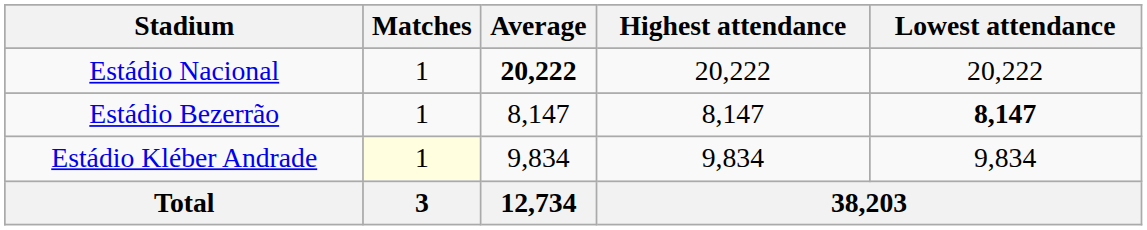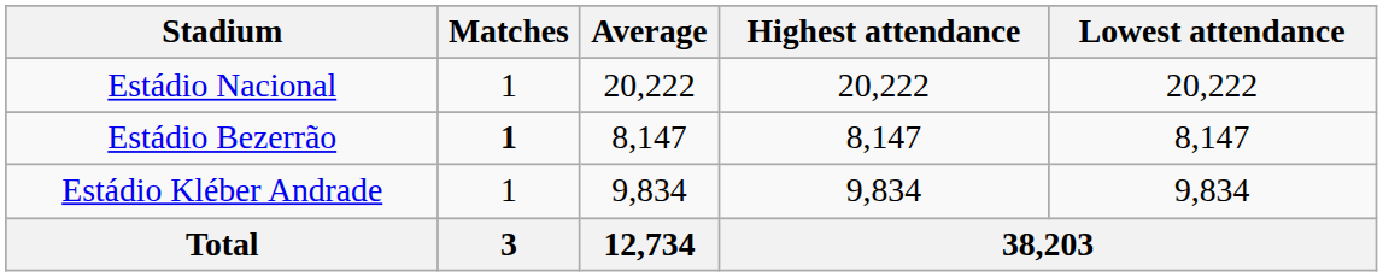 <table class="wikitable plainrowheaders sortable" style="text-align:center">
 <tr>
 <th scope="col" ! style="width:200px;">Stadium</th>
 <th scope="col" ! style="width:60px;">Matches</th>
 <th scope="col" ! style="width:60px;">Average</th>
 <th scope="col" ! style="width:150px;">Highest attendance</th>
 <th scope="col" ! style="width:150px;">Lowest attendance</th>
 </tr>
 <tr>
 <td><a href='#'>Estádio Nacional</a></td>
 <td>1</td>
-<td><strong>20,222</strong></td>
+<td>20,222</td>
 <td>20,222</td>
 <td>20,222</td>
 </tr>
 <tr>
 <td><a href='#'>Estádio Bezerrão</a></td>
-<td>1</td>
+<td><strong>1</strong></td>
 <td>8,147</td>
 <td>8,147</td>
-<td><strong>8,147</strong></td>
+<td>8,147</td>
 </tr>
 <tr>
 <td><a href='#'>Estádio Kléber Andrade</a></td>
-<td style="background: lightyellow;">1</td>
+<td>1</td>
 <td>9,834</td>
 <td>9,834</td>
 <td>9,834</td>
 </tr>
 <tr>
 <th>Total</th>
 <th>3</th>
 <th>12,734</th>
 <th colspan=3>38,203</th>
 </tr>
 </table>
